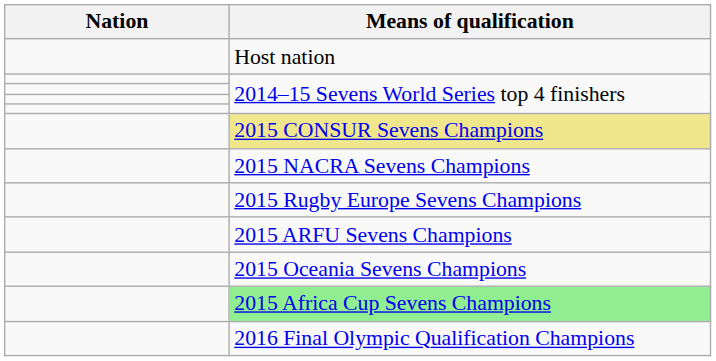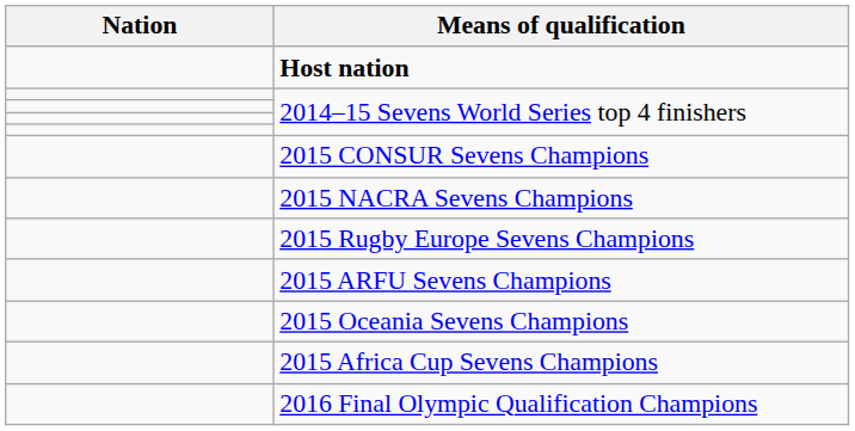 <table class="wikitable" style="width:520px;">
 <tr>
 <th style="width:14%;">Nation</th>
 <th style="width:30%;">Means of qualification</th>
 </tr>
 <tr>
 <td></td>
-<td>Host nation</td>
+<td><strong>Host nation</strong></td>
 </tr>
 <tr>
 <td></td>
 <td rowspan=4><a href='#'>2014–15 Sevens World Series</a> top 4 finishers</td>
 </tr>
 <tr>
 <td></td>
 </tr>
 <tr>
 <td></td>
 </tr>
 <tr>
 <td></td>
 </tr>
 <tr>
 <td></td>
-<td style="background: khaki;"><a href='#'>2015 CONSUR Sevens Champions</a></td>
+<td><a href='#'>2015 CONSUR Sevens Champions</a></td>
 </tr>
 <tr>
 <td></td>
 <td><a href='#'>2015 NACRA Sevens Champions</a></td>
 </tr>
 <tr>
 <td></td>
 <td><a href='#'>2015 Rugby Europe Sevens Champions</a></td>
 </tr>
 <tr>
 <td></td>
 <td><a href='#'>2015 ARFU Sevens Champions</a></td>
 </tr>
 <tr>
 <td></td>
 <td><a href='#'>2015 Oceania Sevens Champions</a></td>
 </tr>
 <tr>
 <td></td>
-<td style="background: lightgreen;"><a href='#'>2015 Africa Cup Sevens Champions</a></td>
+<td><a href='#'>2015 Africa Cup Sevens Champions</a></td>
 </tr>
 <tr>
 <td></td>
 <td><a href='#'>2016 Final Olympic Qualification Champions</a></td>
 </tr>
 </table>
